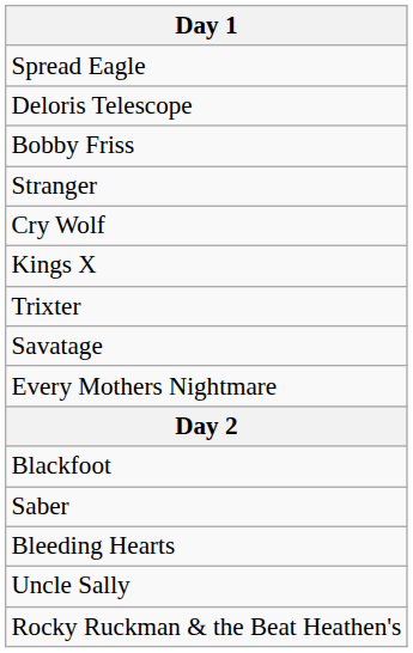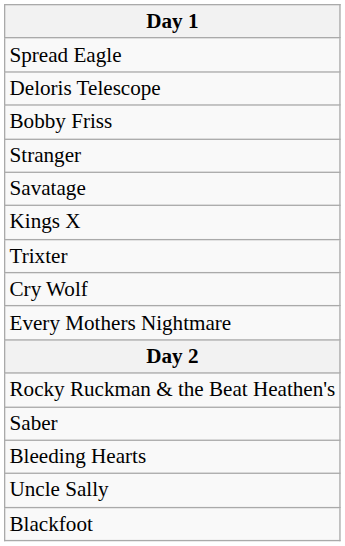 <table class="wikitable">
 <tr>
 <th>Day 1</th>
 </tr>
 <tr>
 <td>Spread Eagle</td>
 </tr>
 <tr>
 <td>Deloris Telescope</td>
 </tr>
 <tr>
 <td>Bobby Friss</td>
 </tr>
 <tr>
 <td>Stranger</td>
 </tr>
 <tr>
-<td>Cry Wolf</td>
+<td>Savatage</td>
 </tr>
 <tr>
 <td>Kings X</td>
 </tr>
 <tr>
 <td>Trixter</td>
 </tr>
 <tr>
-<td>Savatage</td>
+<td>Cry Wolf</td>
 </tr>
 <tr>
 <td>Every Mothers Nightmare</td>
 </tr>
 <tr>
 <th>Day 2</th>
 </tr>
 <tr>
-<td>Blackfoot</td>
+<td>Rocky Ruckman & the Beat Heathen's</td>
 </tr>
 <tr>
 <td>Saber</td>
 </tr>
 <tr>
 <td>Bleeding Hearts</td>
 </tr>
 <tr>
 <td>Uncle Sally</td>
 </tr>
 <tr>
-<td>Rocky Ruckman & the Beat Heathen's</td>
+<td>Blackfoot</td>
 </tr>
 </table>
